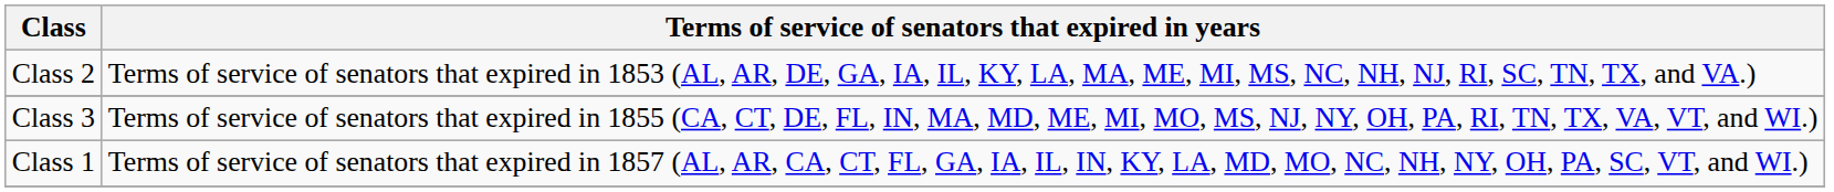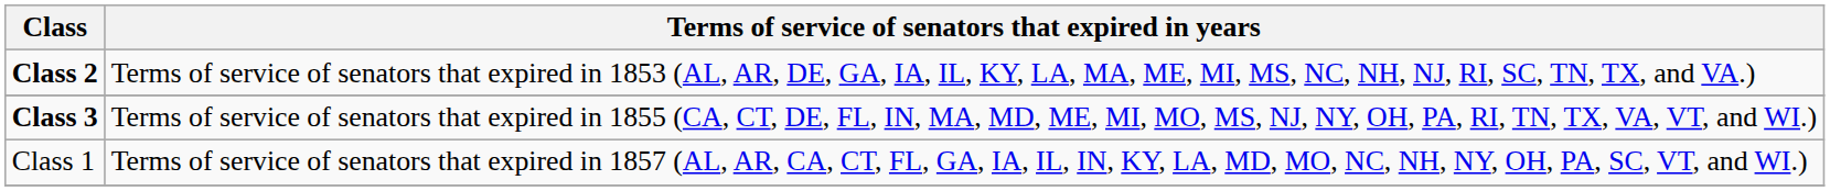 <table class="wikitable sortable">
 <tr valign=bottom>
 <th>Class</th>
 <th>Terms of service of senators that expired in years</th>
 </tr>
 <tr>
-<td>Class 2</td>
+<td><strong>Class 2</strong></td>
 <td>Terms of service of senators that expired in 1853 (<a href='#'>AL</a>, <a href='#'>AR</a>, <a href='#'>DE</a>, <a href='#'>GA</a>, <a href='#'>IA</a>, <a href='#'>IL</a>, <a href='#'>KY</a>, <a href='#'>LA</a>, <a href='#'>MA</a>, <a href='#'>ME</a>, <a href='#'>MI</a>, <a href='#'>MS</a>, <a href='#'>NC</a>, <a href='#'>NH</a>, <a href='#'>NJ</a>, <a href='#'>RI</a>, <a href='#'>SC</a>, <a href='#'>TN</a>, <a href='#'>TX</a>, and <a href='#'>VA</a>.)</td>
 </tr>
 <tr>
 </tr>
 <tr>
-<td>Class 3</td>
+<td><strong>Class 3</strong></td>
 <td>Terms of service of senators that expired in 1855 (<a href='#'>CA</a>, <a href='#'>CT</a>, <a href='#'>DE</a>, <a href='#'>FL</a>, <a href='#'>IN</a>, <a href='#'>MA</a>, <a href='#'>MD</a>, <a href='#'>ME</a>,  <a href='#'>MI</a>, <a href='#'>MO</a>, <a href='#'>MS</a>, <a href='#'>NJ</a>, <a href='#'>NY</a>, <a href='#'>OH</a>, <a href='#'>PA</a>, <a href='#'>RI</a>, <a href='#'>TN</a>, <a href='#'>TX</a>, <a href='#'>VA</a>, <a href='#'>VT</a>, and <a href='#'>WI</a>.)</td>
 </tr>
 <tr>
 <td>Class 1</td>
 <td>Terms of service of senators that expired in 1857 (<a href='#'>AL</a>, <a href='#'>AR</a>, <a href='#'>CA</a>, <a href='#'>CT</a>, <a href='#'>FL</a>, <a href='#'>GA</a>, <a href='#'>IA</a>, <a href='#'>IL</a>, <a href='#'>IN</a>, <a href='#'>KY</a>, <a href='#'>LA</a>, <a href='#'>MD</a>, <a href='#'>MO</a>, <a href='#'>NC</a>, <a href='#'>NH</a>, <a href='#'>NY</a>, <a href='#'>OH</a>, <a href='#'>PA</a>, <a href='#'>SC</a>, <a href='#'>VT</a>, and <a href='#'>WI</a>.)</td>
 </tr>
 <tr>
 </tr>
 </table>
